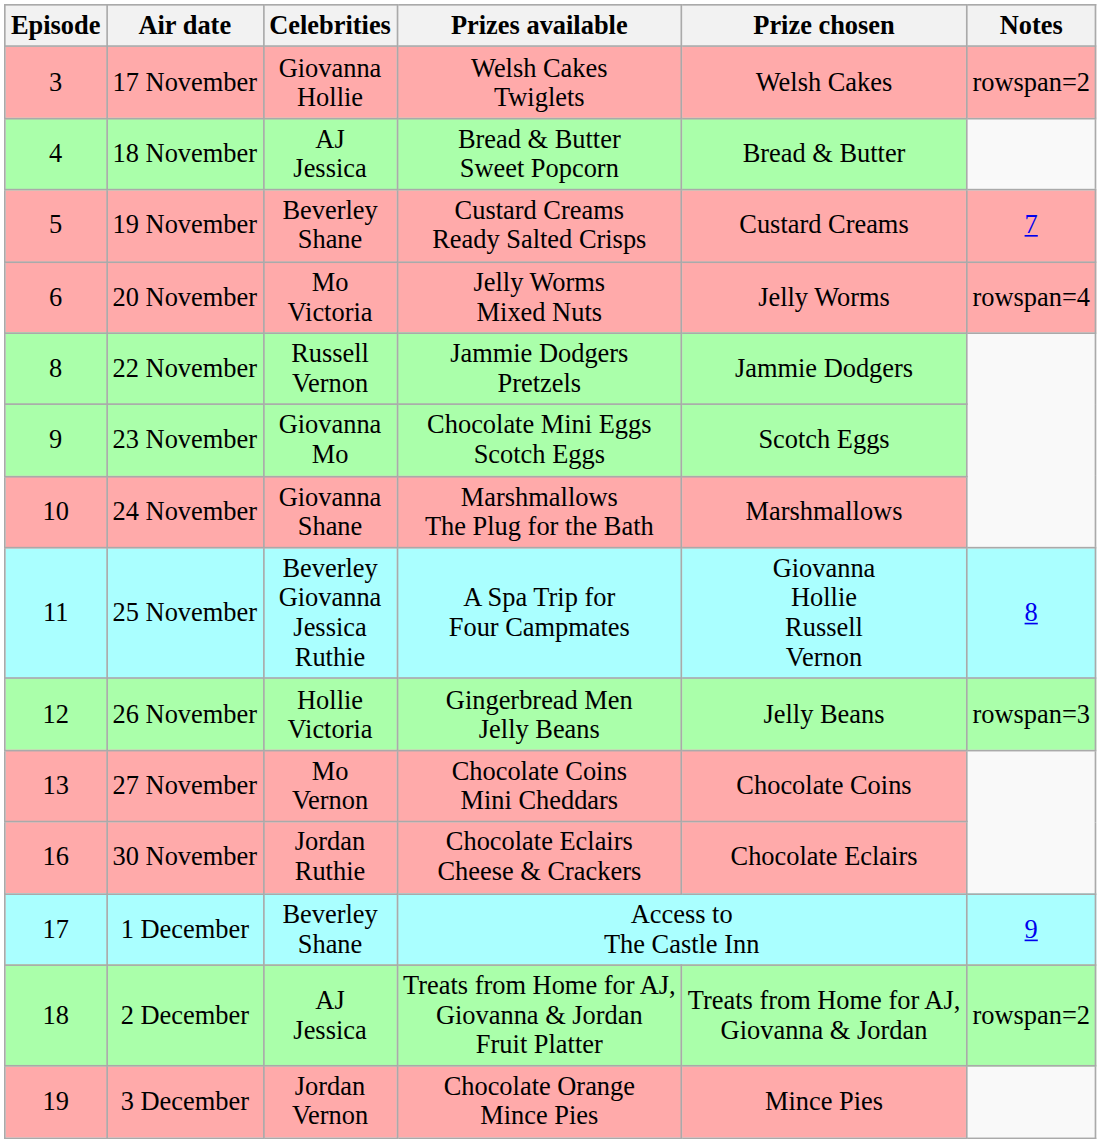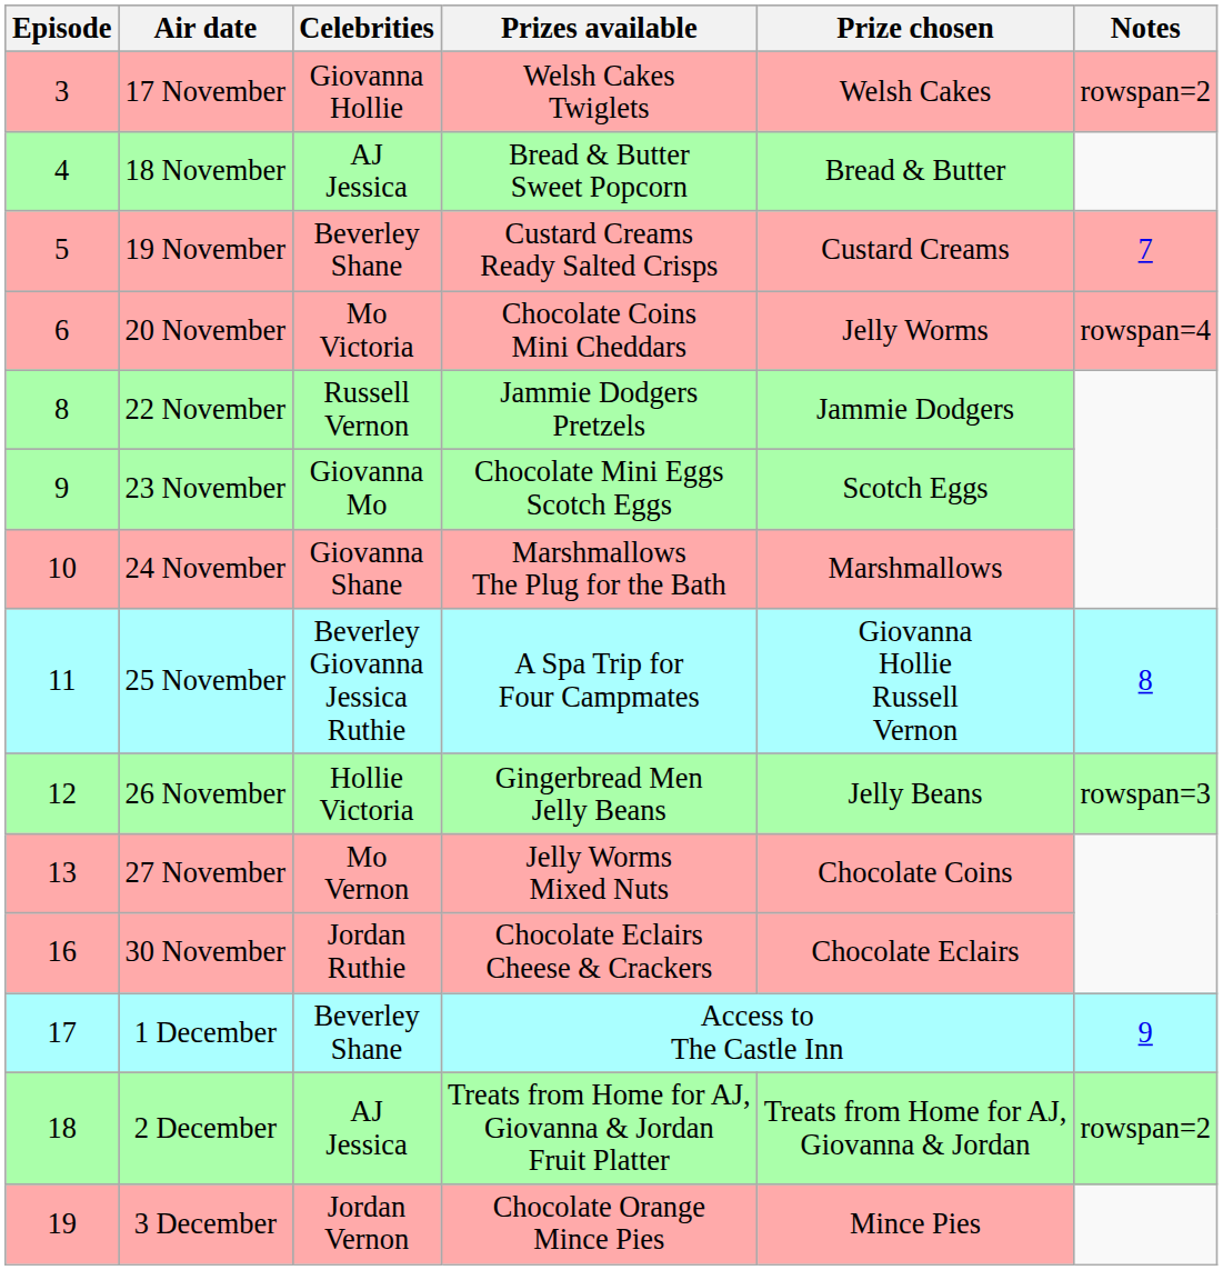 <table class=wikitable style="text-align:center">
 <tr>
 <th>Episode</th>
 <th>Air date</th>
 <th>Celebrities</th>
 <th>Prizes available</th>
 <th>Prize chosen</th>
 <th>Notes</th>
 </tr>
 <tr style="background:#ffaaaa;">
 <td>3</td>
 <td>17 November</td>
 <td>Giovanna<br>Hollie</td>
 <td>Welsh Cakes<br>Twiglets</td>
 <td>Welsh Cakes</td>
 <td>rowspan=2</td>
 </tr>
 <tr style="background:#aaffaa;">
 <td>4</td>
 <td>18 November</td>
 <td>AJ<br>Jessica</td>
 <td>Bread & Butter<br>Sweet Popcorn</td>
 <td>Bread & Butter</td>
 </tr>
 <tr style="background:#ffaaaa;">
 <td>5</td>
 <td>19 November</td>
 <td>Beverley<br>Shane</td>
 <td>Custard Creams<br>Ready Salted Crisps</td>
 <td>Custard Creams</td>
 <td><a href='#'>7</a></td>
 </tr>
 <tr style="background:#ffaaaa;">
 <td>6</td>
 <td>20 November</td>
 <td>Mo<br>Victoria</td>
-<td>Jelly Worms<br>Mixed Nuts</td>
+<td>Chocolate Coins<br>Mini Cheddars</td>
 <td>Jelly Worms</td>
 <td>rowspan=4</td>
 </tr>
 <tr style="background:#aaffaa;">
 <td>8</td>
 <td>22 November</td>
 <td>Russell<br>Vernon</td>
 <td>Jammie Dodgers<br>Pretzels</td>
 <td>Jammie Dodgers</td>
 </tr>
 <tr style="background:#aaffaa;">
 <td>9</td>
 <td>23 November</td>
 <td>Giovanna<br>Mo</td>
 <td>Chocolate Mini Eggs<br>Scotch Eggs</td>
 <td>Scotch Eggs</td>
 </tr>
 <tr style="background:#ffaaaa;">
 <td>10</td>
 <td>24 November</td>
 <td>Giovanna<br>Shane</td>
 <td>Marshmallows<br>The Plug for the Bath</td>
 <td>Marshmallows</td>
 </tr>
 <tr style="background:#aaffff;">
 <td>11</td>
 <td>25 November</td>
 <td>Beverley<br>Giovanna<br>Jessica<br>Ruthie</td>
 <td>A Spa Trip for<br>Four Campmates</td>
 <td>Giovanna<br>Hollie<br>Russell<br>Vernon</td>
 <td><a href='#'>8</a></td>
 </tr>
 <tr style="background:#aaffaa;">
 <td>12</td>
 <td>26 November</td>
 <td>Hollie<br>Victoria</td>
 <td>Gingerbread Men<br>Jelly Beans</td>
 <td>Jelly Beans</td>
 <td>rowspan=3</td>
 </tr>
 <tr style="background:#ffaaaa;">
 <td>13</td>
 <td>27 November</td>
 <td>Mo<br>Vernon</td>
-<td>Chocolate Coins<br>Mini Cheddars</td>
+<td>Jelly Worms<br>Mixed Nuts</td>
 <td>Chocolate Coins</td>
 </tr>
 <tr style="background:#ffaaaa;">
 <td>16</td>
 <td>30 November</td>
 <td>Jordan<br>Ruthie</td>
 <td>Chocolate Eclairs<br>Cheese & Crackers</td>
 <td>Chocolate Eclairs</td>
 </tr>
 <tr style="background:#aaffff;">
 <td>17</td>
 <td>1 December</td>
 <td>Beverley<br>Shane</td>
 <td colspan=2>Access to<br>The Castle Inn</td>
 <td><a href='#'>9</a></td>
 </tr>
 <tr style="background:#aaffaa;">
 <td>18</td>
 <td>2 December</td>
 <td>AJ<br>Jessica</td>
 <td>Treats from Home for AJ,<br>Giovanna & Jordan<br>Fruit Platter</td>
 <td>Treats from Home for AJ,<br>Giovanna & Jordan</td>
 <td>rowspan=2</td>
 </tr>
 <tr style="background:#ffaaaa;">
 <td>19</td>
 <td>3 December</td>
 <td>Jordan<br>Vernon</td>
 <td>Chocolate Orange<br>Mince Pies</td>
 <td>Mince Pies</td>
 </tr>
 </table>
